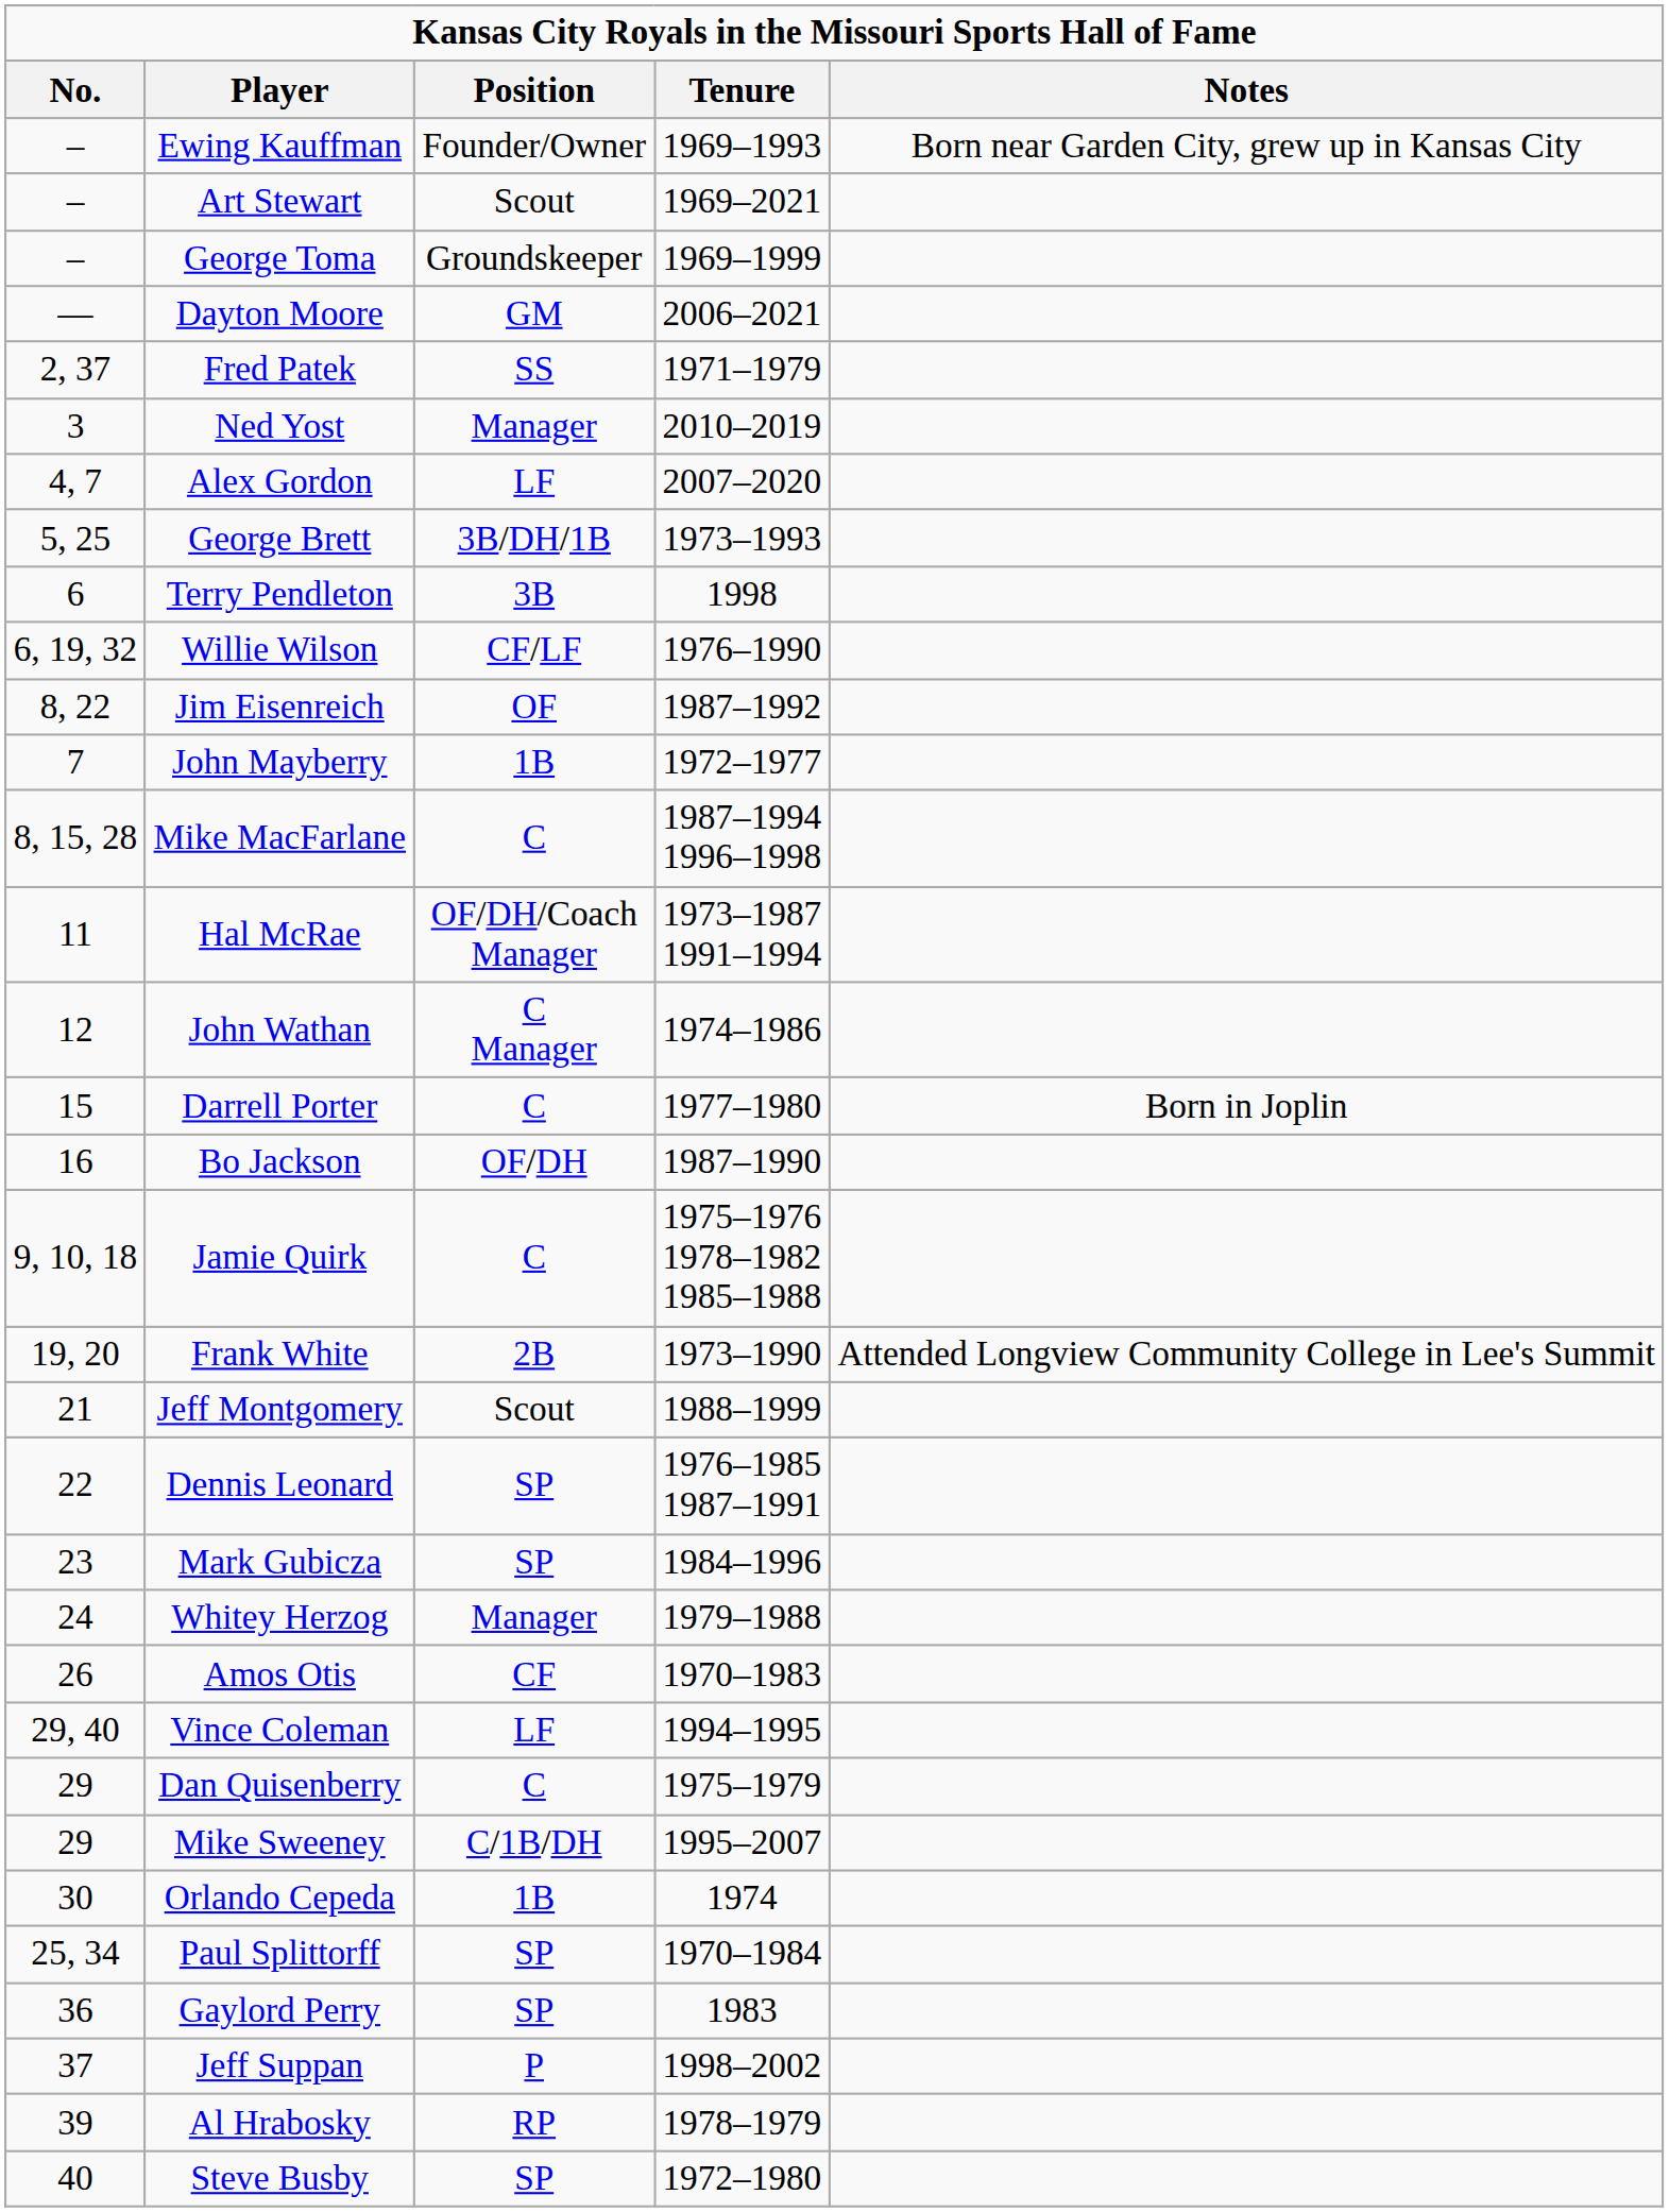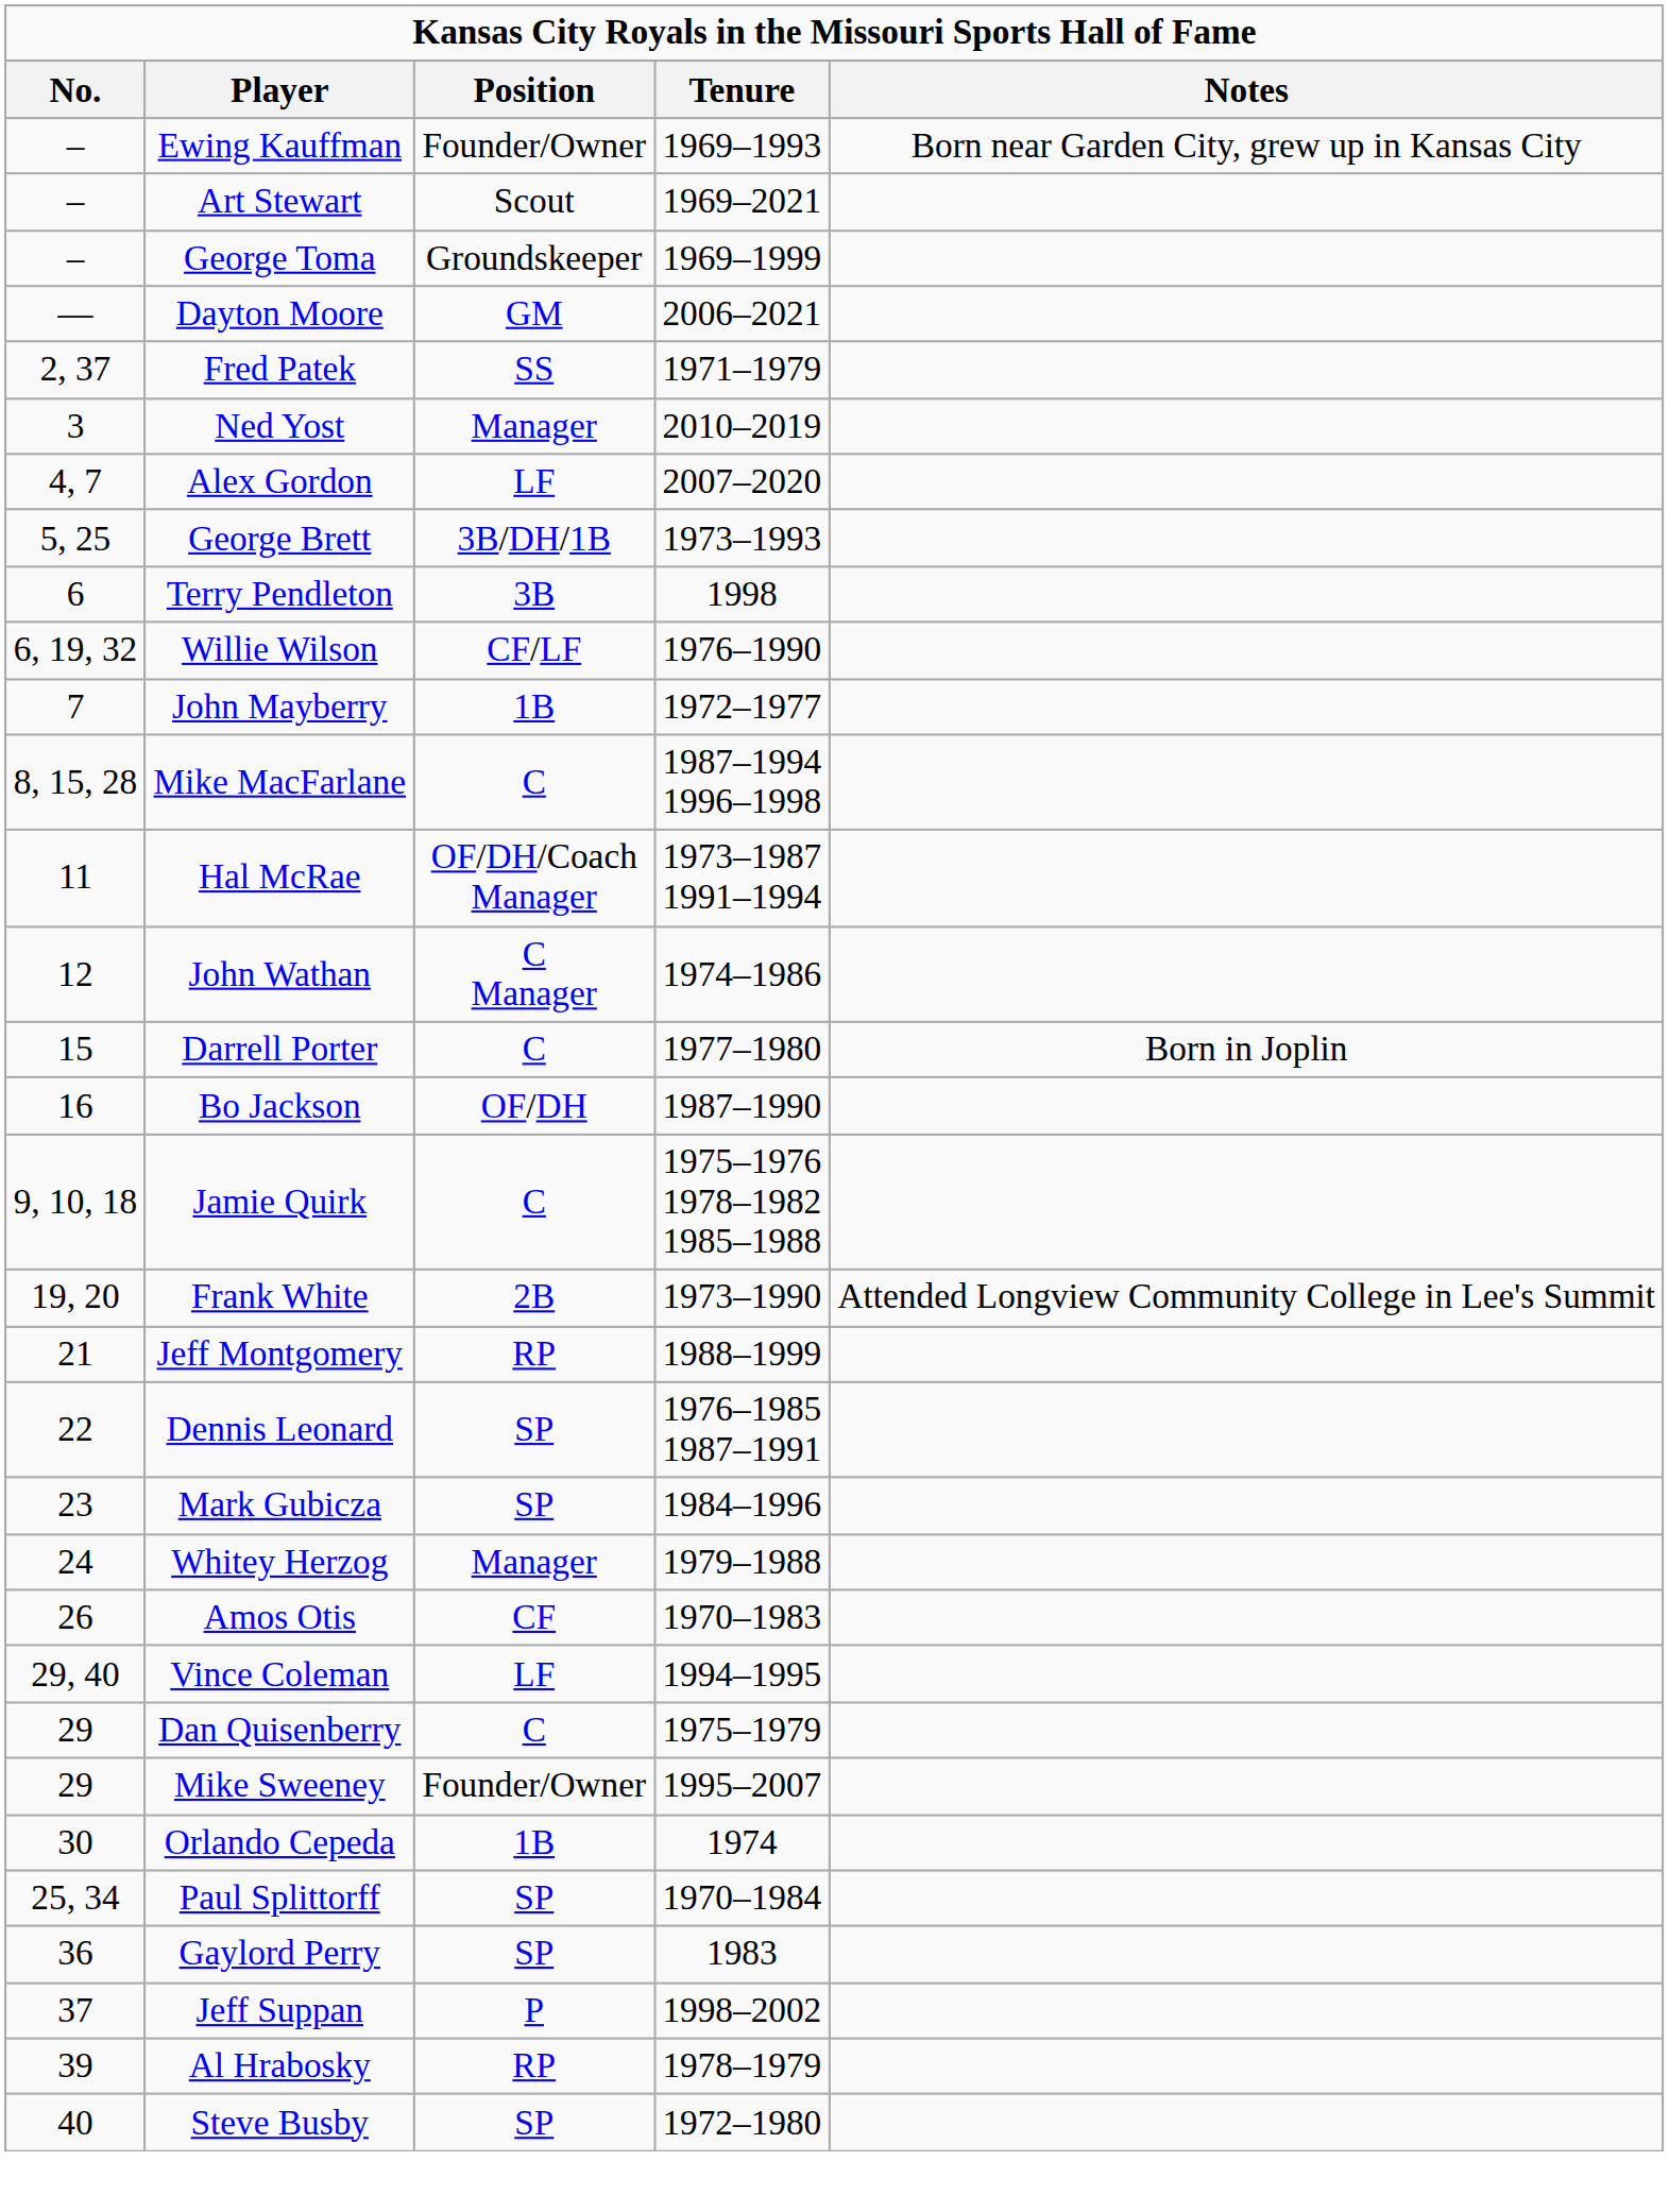 <table class="wikitable" style="text-align:center">
 <tr>
 <td colspan="5"><strong>Kansas City Royals in the Missouri Sports Hall of Fame</strong></td>
 </tr>
 <tr>
 <th>No.</th>
 <th>Player</th>
 <th>Position</th>
 <th>Tenure</th>
 <th>Notes</th>
 </tr>
 <tr>
 <td>–</td>
 <td><a href='#'>Ewing Kauffman</a></td>
 <td>Founder/Owner</td>
 <td>1969–1993</td>
 <td>Born near Garden City, grew up in Kansas City</td>
 </tr>
 <tr>
 <td>–</td>
 <td><a href='#'>Art Stewart</a></td>
 <td>Scout</td>
 <td>1969–2021</td>
 <td></td>
 </tr>
 <tr>
 <td>–</td>
 <td><a href='#'>George Toma</a></td>
 <td>Groundskeeper</td>
 <td>1969–1999</td>
 <td></td>
 </tr>
 <tr>
 <td>—</td>
 <td><a href='#'>Dayton Moore</a></td>
 <td><a href='#'>GM</a></td>
 <td>2006–2021</td>
 <td></td>
 </tr>
 <tr>
 <td>2, 37</td>
 <td><a href='#'>Fred Patek</a></td>
 <td><a href='#'>SS</a></td>
 <td>1971–1979</td>
 <td></td>
 </tr>
 <tr>
 <td>3</td>
 <td><a href='#'>Ned Yost</a></td>
 <td><a href='#'>Manager</a></td>
 <td>2010–2019</td>
 <td></td>
 </tr>
 <tr>
 <td>4, 7</td>
 <td><a href='#'>Alex Gordon</a></td>
 <td><a href='#'>LF</a></td>
 <td>2007–2020</td>
 <td></td>
 </tr>
 <tr>
 <td>5, 25</td>
 <td><a href='#'>George Brett</a></td>
 <td><a href='#'>3B</a>/<a href='#'>DH</a>/<a href='#'>1B</a></td>
 <td>1973–1993</td>
 <td></td>
 </tr>
 <tr>
 <td>6</td>
 <td><a href='#'>Terry Pendleton</a></td>
 <td><a href='#'>3B</a></td>
 <td>1998</td>
 <td></td>
 </tr>
 <tr>
 <td>6, 19, 32</td>
 <td><a href='#'>Willie Wilson</a></td>
 <td><a href='#'>CF</a>/<a href='#'>LF</a></td>
 <td>1976–1990</td>
 <td></td>
 </tr>
 <tr>
-<td>8, 22</td>
-<td><a href='#'>Jim Eisenreich</a></td>
-<td><a href='#'>OF</a></td>
-<td>1987–1992</td>
-<td></td>
-</tr>
-<tr>
 <td>7</td>
 <td><a href='#'>John Mayberry</a></td>
 <td><a href='#'>1B</a></td>
 <td>1972–1977</td>
 <td></td>
 </tr>
 <tr>
 <td>8, 15, 28</td>
 <td><a href='#'>Mike MacFarlane</a></td>
 <td><a href='#'>C</a></td>
 <td>1987–1994<br>1996–1998</td>
 <td></td>
 </tr>
 <tr>
 <td>11</td>
 <td><a href='#'>Hal McRae</a></td>
 <td><a href='#'>OF</a>/<a href='#'>DH</a>/Coach<br><a href='#'>Manager</a></td>
 <td>1973–1987<br>1991–1994</td>
 <td></td>
 </tr>
 <tr>
 <td>12</td>
 <td><a href='#'>John Wathan</a></td>
 <td><a href='#'>C</a><br><a href='#'>Manager</a></td>
 <td>1974–1986</td>
 <td></td>
 </tr>
 <tr>
 <td>15</td>
 <td><a href='#'>Darrell Porter</a></td>
 <td><a href='#'>C</a></td>
 <td>1977–1980</td>
 <td>Born in Joplin</td>
 </tr>
 <tr>
 <td>16</td>
 <td><a href='#'>Bo Jackson</a></td>
 <td><a href='#'>OF</a>/<a href='#'>DH</a></td>
 <td>1987–1990</td>
 <td></td>
 </tr>
 <tr>
 <td>9, 10, 18</td>
 <td><a href='#'>Jamie Quirk</a></td>
 <td><a href='#'>C</a></td>
 <td>1975–1976<br>1978–1982<br>1985–1988</td>
 <td></td>
 </tr>
 <tr>
 <td>19, 20</td>
 <td><a href='#'>Frank White</a></td>
 <td><a href='#'>2B</a></td>
 <td>1973–1990</td>
 <td>Attended Longview Community College in Lee's Summit</td>
 </tr>
 <tr>
 <td>21</td>
 <td><a href='#'>Jeff Montgomery</a></td>
-<td>Scout</td>
+<td><a href='#'>RP</a></td>
 <td>1988–1999</td>
 <td></td>
 </tr>
 <tr>
 <td>22</td>
 <td><a href='#'>Dennis Leonard</a></td>
 <td><a href='#'>SP</a></td>
 <td>1976–1985<br>1987–1991</td>
 <td></td>
 </tr>
 <tr>
 <td>23</td>
 <td><a href='#'>Mark Gubicza</a></td>
 <td><a href='#'>SP</a></td>
 <td>1984–1996</td>
 <td></td>
 </tr>
 <tr>
 <td>24</td>
 <td><a href='#'>Whitey Herzog</a></td>
 <td><a href='#'>Manager</a></td>
 <td>1979–1988</td>
 <td></td>
 </tr>
 <tr>
 <td>26</td>
 <td><a href='#'>Amos Otis</a></td>
 <td><a href='#'>CF</a></td>
 <td>1970–1983</td>
 <td></td>
 </tr>
 <tr>
 <td>29, 40</td>
 <td><a href='#'>Vince Coleman</a></td>
 <td><a href='#'>LF</a></td>
 <td>1994–1995</td>
 <td></td>
 </tr>
 <tr>
 <td>29</td>
 <td><a href='#'>Dan Quisenberry</a></td>
 <td><a href='#'>C</a></td>
 <td>1975–1979</td>
 <td></td>
 </tr>
 <tr>
 <td>29</td>
 <td><a href='#'>Mike Sweeney</a></td>
-<td><a href='#'>C</a>/<a href='#'>1B</a>/<a href='#'>DH</a></td>
+<td>Founder/Owner</td>
 <td>1995–2007</td>
 <td></td>
 </tr>
 <tr>
 <td>30</td>
 <td><a href='#'>Orlando Cepeda</a></td>
 <td><a href='#'>1B</a></td>
 <td>1974</td>
 <td></td>
 </tr>
 <tr>
 <td>25, 34</td>
 <td><a href='#'>Paul Splittorff</a></td>
 <td><a href='#'>SP</a></td>
 <td>1970–1984</td>
 <td></td>
 </tr>
 <tr>
 <td>36</td>
 <td><a href='#'>Gaylord Perry</a></td>
 <td><a href='#'>SP</a></td>
 <td>1983</td>
 <td></td>
 </tr>
 <tr>
 <td>37</td>
 <td><a href='#'>Jeff Suppan</a></td>
 <td><a href='#'>P</a></td>
 <td>1998–2002</td>
 <td></td>
 </tr>
 <tr>
 <td>39</td>
 <td><a href='#'>Al Hrabosky</a></td>
 <td><a href='#'>RP</a></td>
 <td>1978–1979</td>
 <td></td>
 </tr>
 <tr>
 <td>40</td>
 <td><a href='#'>Steve Busby</a></td>
 <td><a href='#'>SP</a></td>
 <td>1972–1980</td>
 <td></td>
 </tr>
 </table>
